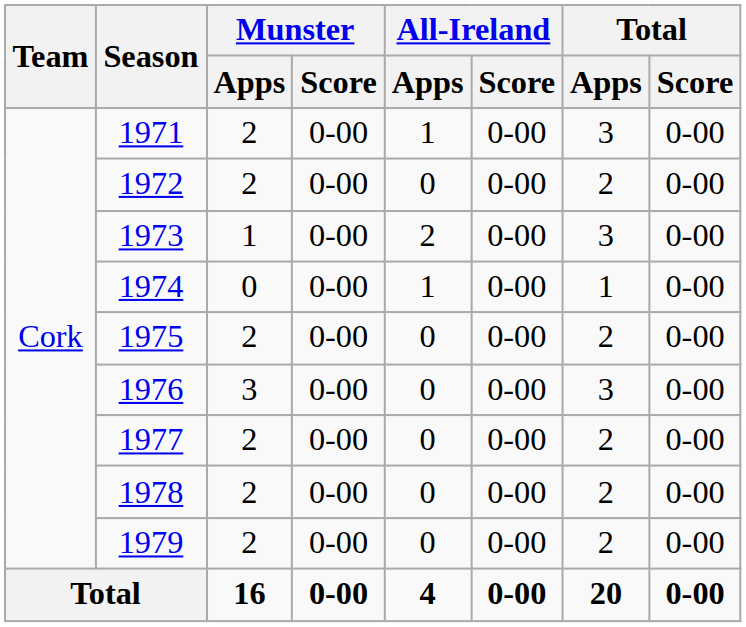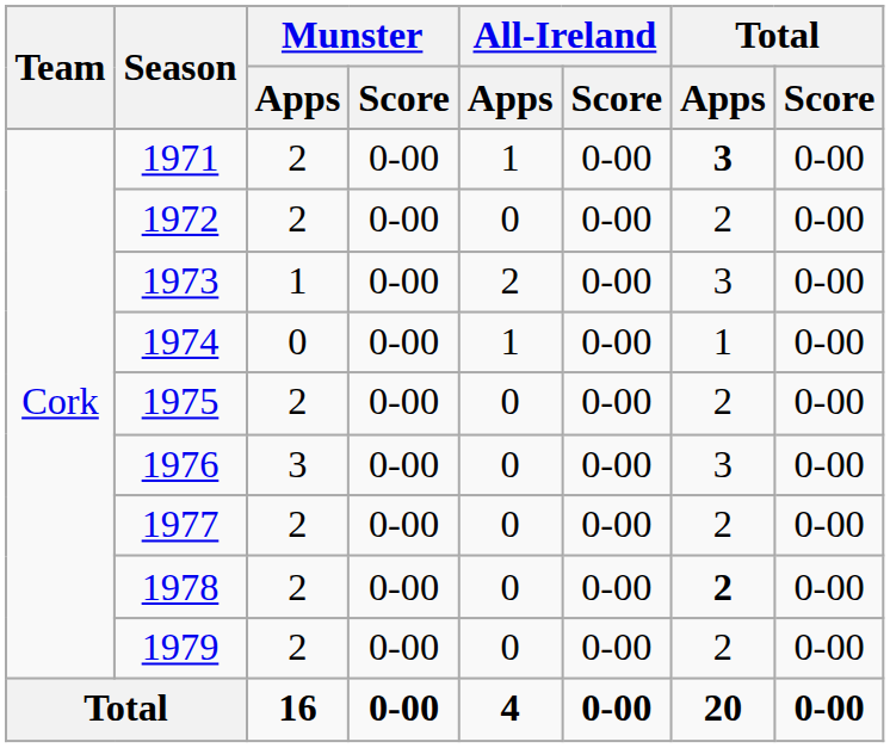 <table class="wikitable" style="text-align:center">
 <tr>
 <th rowspan="2">Team</th>
 <th rowspan="2">Season</th>
 <th colspan="2"><a href='#'>Munster</a></th>
 <th colspan="2"><a href='#'>All-Ireland</a></th>
 <th colspan="2">Total</th>
 </tr>
 <tr>
 <th>Apps</th>
 <th>Score</th>
 <th>Apps</th>
 <th>Score</th>
 <th>Apps</th>
 <th>Score</th>
 </tr>
 <tr>
 <td rowspan="9"><a href='#'>Cork</a></td>
 <td><a href='#'>1971</a></td>
 <td>2</td>
 <td>0-00</td>
 <td>1</td>
 <td>0-00</td>
-<td>3</td>
+<td><strong>3</strong></td>
 <td>0-00</td>
 </tr>
 <tr>
 <td><a href='#'>1972</a></td>
 <td>2</td>
 <td>0-00</td>
 <td>0</td>
 <td>0-00</td>
 <td>2</td>
 <td>0-00</td>
 </tr>
 <tr>
 <td><a href='#'>1973</a></td>
 <td>1</td>
 <td>0-00</td>
 <td>2</td>
 <td>0-00</td>
 <td>3</td>
 <td>0-00</td>
 </tr>
 <tr>
 <td><a href='#'>1974</a></td>
 <td>0</td>
 <td>0-00</td>
 <td>1</td>
 <td>0-00</td>
 <td>1</td>
 <td>0-00</td>
 </tr>
 <tr>
 <td><a href='#'>1975</a></td>
 <td>2</td>
 <td>0-00</td>
 <td>0</td>
 <td>0-00</td>
 <td>2</td>
 <td>0-00</td>
 </tr>
 <tr>
 <td><a href='#'>1976</a></td>
 <td>3</td>
 <td>0-00</td>
 <td>0</td>
 <td>0-00</td>
 <td>3</td>
 <td>0-00</td>
 </tr>
 <tr>
 <td><a href='#'>1977</a></td>
 <td>2</td>
 <td>0-00</td>
 <td>0</td>
 <td>0-00</td>
 <td>2</td>
 <td>0-00</td>
 </tr>
 <tr>
 <td><a href='#'>1978</a></td>
 <td>2</td>
 <td>0-00</td>
 <td>0</td>
 <td>0-00</td>
-<td>2</td>
+<td><strong>2</strong></td>
 <td>0-00</td>
 </tr>
 <tr>
 <td><a href='#'>1979</a></td>
 <td>2</td>
 <td>0-00</td>
 <td>0</td>
 <td>0-00</td>
 <td>2</td>
 <td>0-00</td>
 </tr>
 <tr>
 <th colspan="2">Total</th>
 <td><strong>16</strong></td>
 <td><strong>0-00</strong></td>
 <td><strong>4</strong></td>
 <td><strong>0-00</strong></td>
 <td><strong>20</strong></td>
 <td><strong>0-00</strong></td>
 </tr>
 </table>
